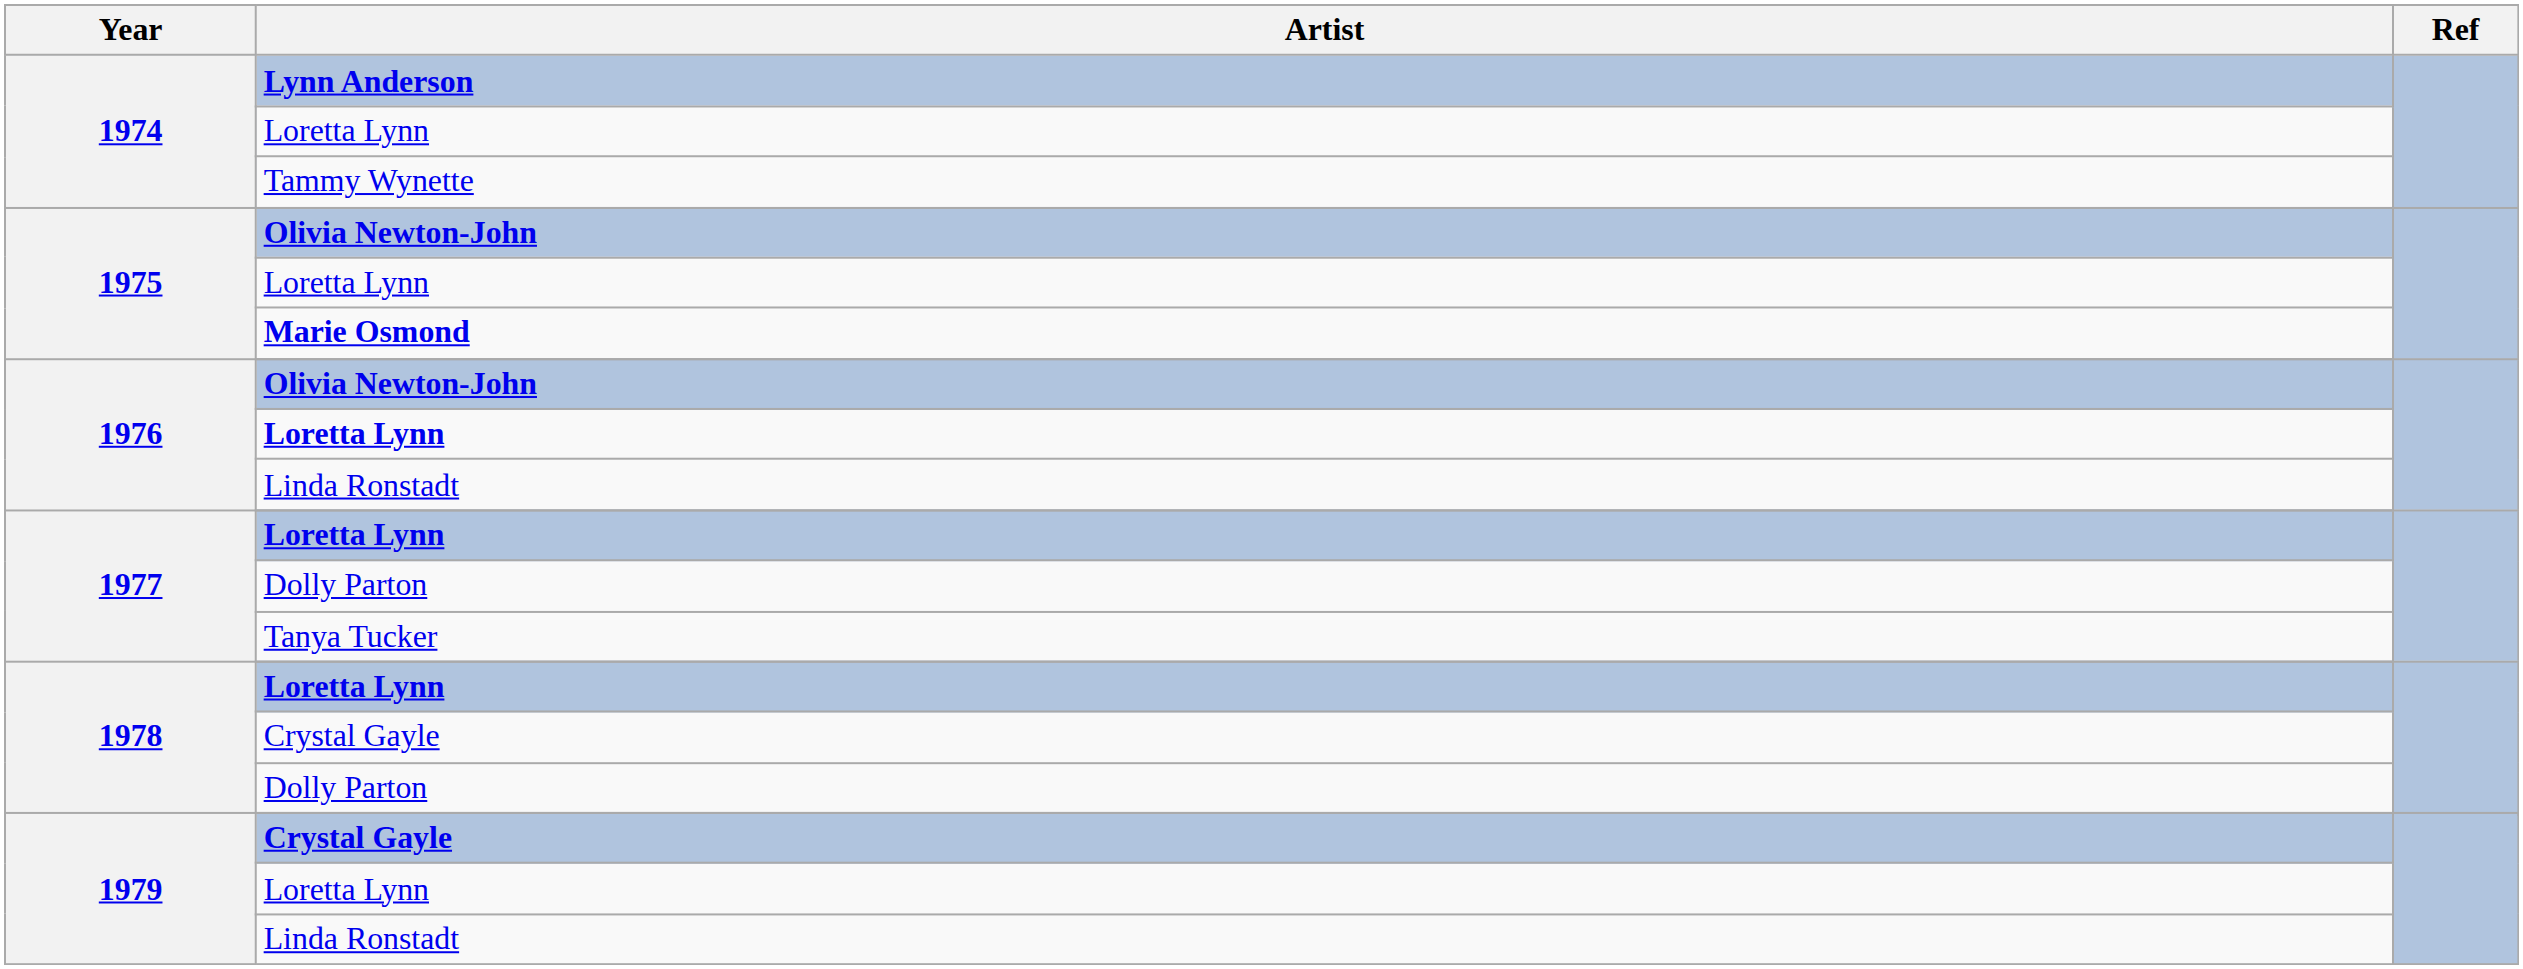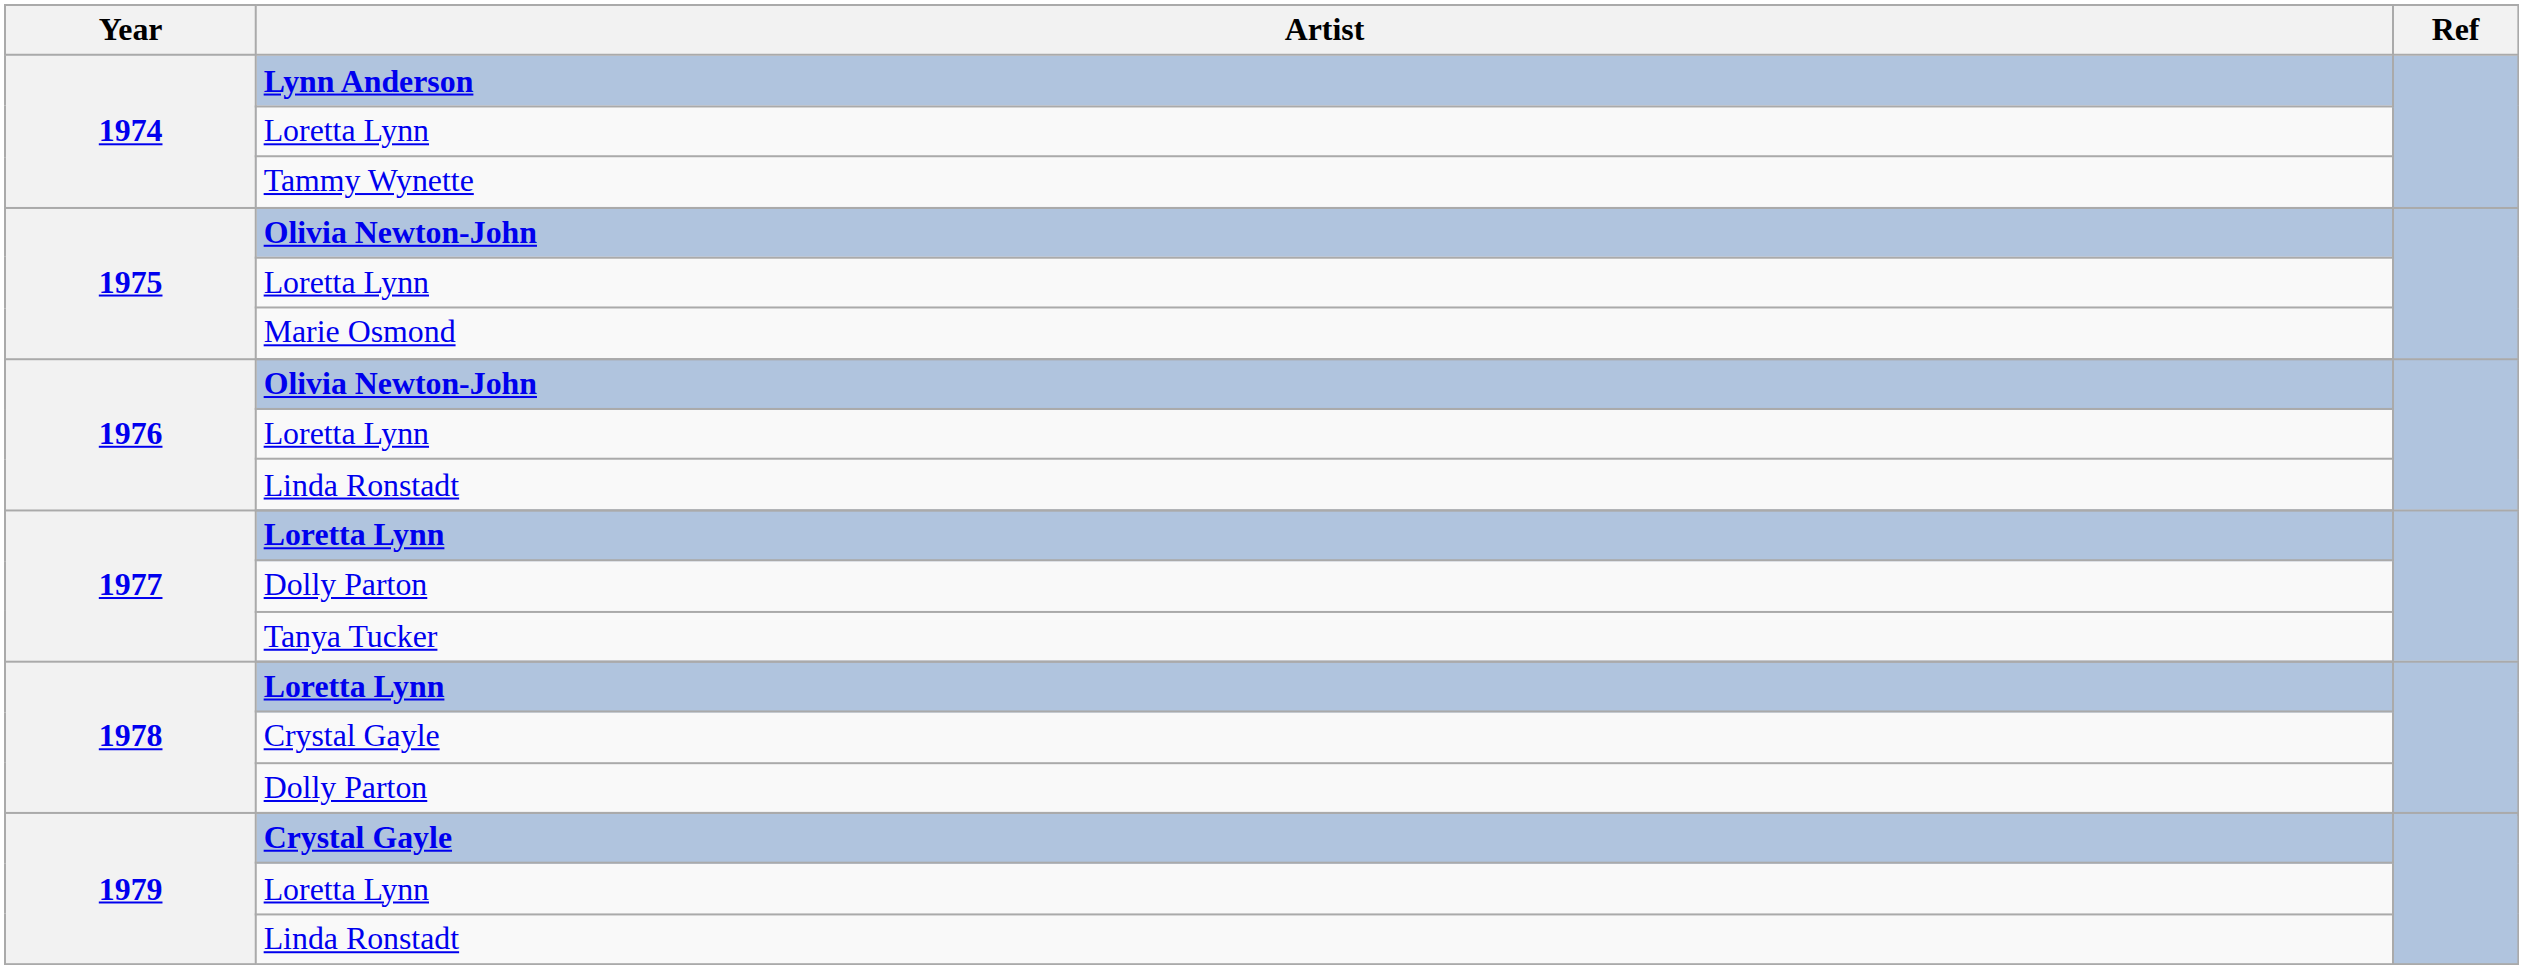 <table class="wikitable" width="100%">
 <tr>
 <th width="10%">Year</th>
 <th width="85%">Artist</th>
 <th width="5%">Ref</th>
 </tr>
 <tr style="background:#B0C4DE">
 <th rowspan="3"><a href='#'>1974<br></a></th>
 <td><strong><a href='#'>Lynn Anderson</a></strong></td>
 <td rowspan="4" align="center"></td>
 </tr>
 <tr>
 <td><a href='#'>Loretta Lynn</a></td>
 </tr>
 <tr>
 <td><a href='#'>Tammy Wynette</a></td>
 </tr>
 <tr>
 <th rowspan="4" align="center"><a href='#'>1975<br></a></th>
 </tr>
 <tr style="background:#B0C4DE">
 <td><strong><a href='#'>Olivia Newton-John</a></strong></td>
 <td rowspan="4" align="center"></td>
 </tr>
 <tr>
 <td><a href='#'>Loretta Lynn</a></td>
 </tr>
 <tr>
-<td><strong><a href='#'>Marie Osmond</a></strong></td>
+<td><a href='#'>Marie Osmond</a></td>
 </tr>
 <tr>
 <th rowspan="4" align="center"><a href='#'>1976<br></a></th>
 </tr>
 <tr style="background:#B0C4DE">
 <td><strong><a href='#'>Olivia Newton-John</a></strong></td>
 <td rowspan="4" align="center"></td>
 </tr>
 <tr>
-<td><strong><a href='#'>Loretta Lynn</a></strong></td>
+<td><a href='#'>Loretta Lynn</a></td>
 </tr>
 <tr>
 <td><a href='#'>Linda Ronstadt</a></td>
 </tr>
 <tr>
 <th rowspan="4" align="center"><a href='#'>1977<br></a></th>
 </tr>
 <tr style="background:#B0C4DE">
 <td><strong><a href='#'>Loretta Lynn</a></strong></td>
 <td rowspan="4" align="center"></td>
 </tr>
 <tr>
 <td><a href='#'>Dolly Parton</a></td>
 </tr>
 <tr>
 <td><a href='#'>Tanya Tucker</a></td>
 </tr>
 <tr>
 <th rowspan="4" align="center"><a href='#'>1978<br></a></th>
 </tr>
 <tr style="background:#B0C4DE">
 <td><strong><a href='#'>Loretta Lynn</a></strong></td>
 <td rowspan="4" align="center"></td>
 </tr>
 <tr>
 <td><a href='#'>Crystal Gayle</a></td>
 </tr>
 <tr>
 <td><a href='#'>Dolly Parton</a></td>
 </tr>
 <tr>
 <th rowspan="4" align="center"><a href='#'>1979<br></a></th>
 </tr>
 <tr style="background:#B0C4DE">
 <td><strong><a href='#'>Crystal Gayle</a></strong></td>
 <td rowspan="4" align="center"></td>
 </tr>
 <tr>
 <td><a href='#'>Loretta Lynn</a></td>
 </tr>
 <tr>
 <td><a href='#'>Linda Ronstadt</a></td>
 </tr>
 </table>
